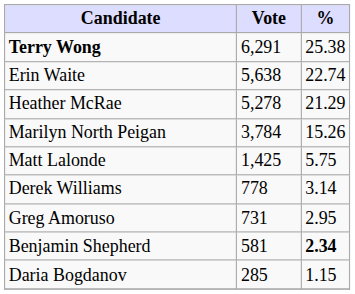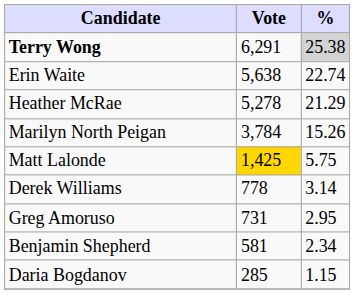 <table class="wikitable">
 <tr>
 <th style="background:#ddf; width:200px;">Candidate</th>
 <th style="background:#ddf; width:50px;">Vote</th>
 <th style="background:#ddf; width:30px;">%</th>
 </tr>
 <tr>
 <td><strong>Terry Wong</strong></td>
 <td>6,291</td>
-<td>25.38</td>
+<td style="background: lightgrey;">25.38</td>
 </tr>
 <tr>
 <td>Erin Waite</td>
 <td>5,638</td>
 <td>22.74</td>
 </tr>
 <tr>
 <td>Heather McRae</td>
 <td>5,278</td>
 <td>21.29</td>
 </tr>
 <tr>
 <td>Marilyn North Peigan</td>
 <td>3,784</td>
 <td>15.26</td>
 </tr>
 <tr>
 <td>Matt Lalonde</td>
-<td>1,425</td>
+<td style="background: gold;">1,425</td>
 <td>5.75</td>
 </tr>
 <tr>
 <td>Derek Williams</td>
 <td>778</td>
 <td>3.14</td>
 </tr>
 <tr>
 <td>Greg Amoruso</td>
 <td>731</td>
 <td>2.95</td>
 </tr>
 <tr>
 <td>Benjamin Shepherd</td>
 <td>581</td>
-<td><strong>2.34</strong></td>
+<td>2.34</td>
 </tr>
 <tr>
 <td>Daria Bogdanov</td>
 <td>285</td>
 <td>1.15</td>
 </tr>
 <tr>
 </tr>
 </table>
